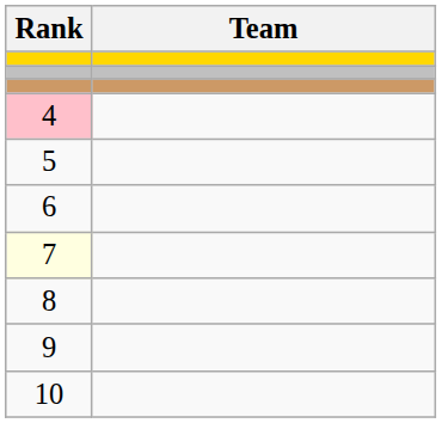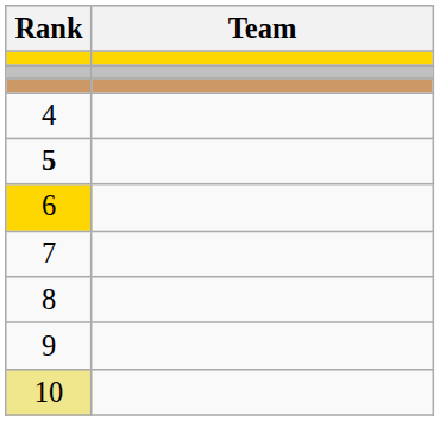 <table class="wikitable" style="text-align: center;">
 <tr>
 <th width=40>Rank</th>
 <th width=180>Team</th>
 </tr>
 <tr bgcolor="gold">
 <td></td>
 <td align="left"><strong></strong></td>
 </tr>
 <tr bgcolor="silver">
 <td></td>
 <td align="left"></td>
 </tr>
 <tr bgcolor="#cc9966">
 <td></td>
 <td align="left"></td>
 </tr>
 <tr>
-<td style="background: pink;">4</td>
+<td>4</td>
 <td align="left"></td>
 </tr>
 <tr>
-<td>5</td>
+<td><strong>5</strong></td>
 <td align="left"></td>
 </tr>
 <tr>
-<td>6</td>
+<td style="background: gold;">6</td>
 <td align="left"></td>
 </tr>
 <tr>
-<td style="background: lightyellow;">7</td>
+<td>7</td>
 <td align="left"></td>
 </tr>
 <tr>
 <td>8</td>
 <td align="left"></td>
 </tr>
 <tr>
 <td>9</td>
 <td align="left"></td>
 </tr>
 <tr>
-<td>10</td>
+<td style="background: khaki;">10</td>
 <td align="left"></td>
 </tr>
 </table>
